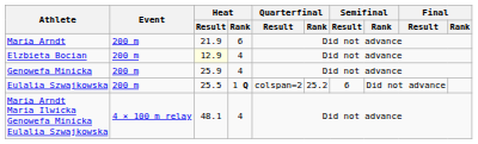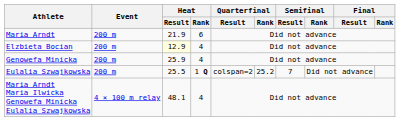 <table class="wikitable" style="font-size:90%">
 <tr>
 <th rowspan="2">Athlete</th>
 <th rowspan="2">Event</th>
 <th colspan="2">Heat</th>
 <th colspan="2">Quarterfinal</th>
 <th colspan="2">Semifinal</th>
 <th colspan="2">Final</th>
 </tr>
 <tr style="font-size:95%">
 <th>Result</th>
 <th>Rank</th>
 <th>Result</th>
 <th>Rank</th>
 <th>Result</th>
 <th>Rank</th>
 <th>Result</th>
 <th>Rank</th>
 </tr>
 <tr align=center>
 <td align=left><a href='#'>Maria Arndt</a></td>
 <td align=left><a href='#'>200 m</a></td>
 <td>21.9</td>
 <td>6</td>
 <td colspan=6>Did not advance</td>
 </tr>
 <tr align=center>
 <td align=left><a href='#'>Elzbieta Bocian</a></td>
 <td align=left><a href='#'>200 m</a></td>
 <td style="background: lightyellow;">12.9</td>
 <td>4</td>
 <td colspan=6>Did not advance</td>
 </tr>
 <tr align=center>
 <td align=left><a href='#'>Genowefa Minicka</a></td>
 <td align=left><a href='#'>200 m</a></td>
 <td>25.9</td>
 <td>4</td>
 <td colspan=6>Did not advance</td>
 </tr>
 <tr align=center>
 <td align=left><a href='#'>Eulalia Szwajkowska</a></td>
 <td align=left><a href='#'>200 m</a></td>
 <td>25.5</td>
 <td>1 <strong>Q</strong></td>
 <td>colspan=2 </td>
 <td>25.2</td>
-<td>6</td>
+<td>7</td>
 <td colspan=2>Did not advance</td>
 </tr>
 <tr align=center>
 <td align=left><a href='#'>Maria Arndt</a><br><a href='#'>Maria Ilwicka</a><br><a href='#'>Genowefa Minicka</a><br><a href='#'>Eulalia Szwajkowska</a></td>
 <td align=left><a href='#'>4 × 100 m relay</a></td>
 <td>48.1</td>
 <td>4</td>
 <td colspan=6>Did not advance</td>
 </tr>
 </table>
